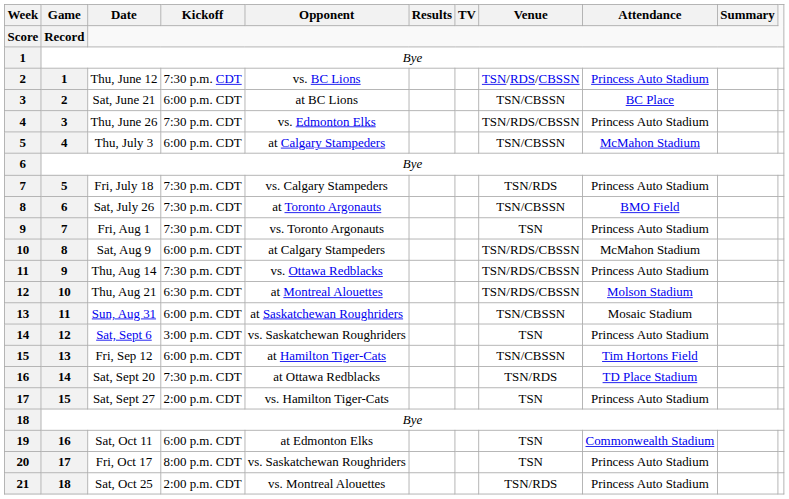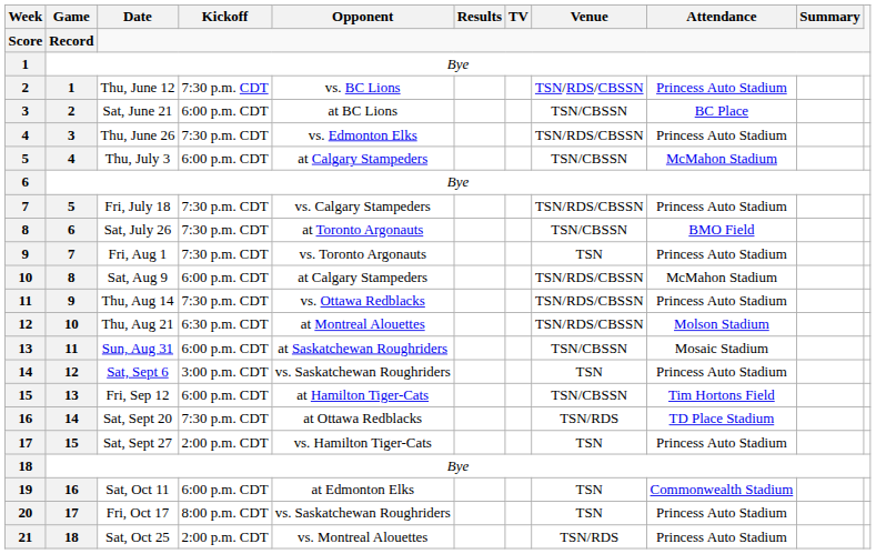 <table class="wikitable" style="font-size: 95%;">
 <tr>
 <th scope="col">Week</th>
 <th scope="col">Game</th>
 <th scope="col">Date</th>
 <th scope="col">Kickoff</th>
 <th scope="col">Opponent</th>
 <th scope="col">Results</th>
 <th scope="col">TV</th>
 <th scope="col">Venue</th>
 <th scope="col">Attendance</th>
 <th scope="col">Summary</th>
 </tr>
 <tr>
 <th scope="col">Score</th>
 <th scope="col">Record</th>
 </tr>
 <tr align="center"= bgcolor="ffffff">
 <th align="center"><strong>1</strong></th>
 <td colspan=10 align="center" valign="middle"><em>Bye</em></td>
 </tr>
 <tr align="center"= bgcolor="ffffff">
 <th align="center"><strong>2</strong></th>
 <th align="center"><strong>1</strong></th>
 <td align="center">Thu, June 12</td>
 <td align="center">7:30 p.m. <a href='#'>CDT</a></td>
 <td align="center">vs. <a href='#'>BC Lions</a></td>
 <td align="center"></td>
 <td align="center"></td>
 <td align="center"><a href='#'>TSN</a>/<a href='#'>RDS</a>/<a href='#'>CBSSN</a></td>
 <td align="center"><a href='#'>Princess Auto Stadium</a></td>
 <td align="center"></td>
 <td align="center"></td>
 </tr>
 <tr align="center"= bgcolor="ffffff">
 <th align="center"><strong>3</strong></th>
 <th align="center"><strong>2</strong></th>
 <td align="center">Sat, June 21</td>
 <td align="center">6:00 p.m. CDT</td>
 <td align="center">at BC Lions</td>
 <td align="center"></td>
 <td align="center"></td>
 <td align="center">TSN/CBSSN</td>
 <td align="center"><a href='#'>BC Place</a></td>
 <td align="center"></td>
 <td align="center"></td>
 </tr>
 <tr align="center"= bgcolor="ffffff">
 <th align="center"><strong>4</strong></th>
 <th align="center"><strong>3</strong></th>
 <td align="center">Thu, June 26</td>
 <td align="center">7:30 p.m. CDT</td>
 <td align="center">vs. <a href='#'>Edmonton Elks</a></td>
 <td align="center"></td>
 <td align="center"></td>
 <td align="center">TSN/RDS/CBSSN</td>
 <td align="center">Princess Auto Stadium</td>
 <td align="center"></td>
 <td align="center"></td>
 </tr>
 <tr align="center"= bgcolor="ffffff">
 <th align="center"><strong>5</strong></th>
 <th align="center"><strong>4</strong></th>
 <td align="center">Thu, July 3</td>
 <td align="center">6:00 p.m. CDT</td>
 <td align="center">at <a href='#'>Calgary Stampeders</a></td>
 <td align="center"></td>
 <td align="center"></td>
 <td align="center">TSN/CBSSN</td>
 <td align="center"><a href='#'>McMahon Stadium</a></td>
 <td align="center"></td>
 <td align="center"></td>
 </tr>
 <tr align="center"= bgcolor="ffffff">
 <th align="center"><strong>6</strong></th>
 <td colspan=10 align="center" valign="middle"><em>Bye</em></td>
 </tr>
 <tr align="center"= bgcolor="ffffff">
 <th align="center"><strong>7</strong></th>
 <th align="center"><strong>5</strong></th>
 <td align="center">Fri, July 18</td>
 <td align="center">7:30 p.m. CDT</td>
 <td align="center">vs. Calgary Stampeders</td>
 <td align="center"></td>
 <td align="center"></td>
-<td align="center">TSN/RDS</td>
+<td align="center">TSN/RDS/CBSSN</td>
 <td align="center">Princess Auto Stadium</td>
 <td align="center"></td>
 <td align="center"></td>
 </tr>
 <tr align="center"= bgcolor="ffffff">
 <th align="center"><strong>8</strong></th>
 <th align="center"><strong>6</strong></th>
 <td align="center">Sat, July 26</td>
 <td align="center">7:30 p.m. CDT</td>
 <td align="center">at <a href='#'>Toronto Argonauts</a></td>
 <td align="center"></td>
 <td align="center"></td>
 <td align="center">TSN/CBSSN</td>
 <td align="center"><a href='#'>BMO Field</a></td>
 <td align="center"></td>
 <td align="center"></td>
 </tr>
 <tr align="center"= bgcolor="ffffff">
 <th align="center"><strong>9</strong></th>
 <th align="center"><strong>7</strong></th>
 <td align="center">Fri, Aug 1</td>
 <td align="center">7:30 p.m. CDT</td>
 <td align="center">vs. Toronto Argonauts</td>
 <td align="center"></td>
 <td align="center"></td>
 <td align="center">TSN</td>
 <td align="center">Princess Auto Stadium</td>
 <td align="center"></td>
 <td align="center"></td>
 </tr>
 <tr align="center"= bgcolor="ffffff">
 <th align="center"><strong>10</strong></th>
 <th align="center"><strong>8</strong></th>
 <td align="center">Sat, Aug 9</td>
 <td align="center">6:00 p.m. CDT</td>
 <td align="center">at Calgary Stampeders</td>
 <td align="center"></td>
 <td align="center"></td>
 <td align="center">TSN/RDS/CBSSN</td>
 <td align="center">McMahon Stadium</td>
 <td align="center"></td>
 <td align="center"></td>
 </tr>
 <tr align="center"= bgcolor="ffffff">
 <th align="center"><strong>11</strong></th>
 <th align="center"><strong>9</strong></th>
 <td align="center">Thu, Aug 14</td>
 <td align="center">7:30 p.m. CDT</td>
 <td align="center">vs. <a href='#'>Ottawa Redblacks</a></td>
 <td align="center"></td>
 <td align="center"></td>
 <td align="center">TSN/RDS/CBSSN</td>
 <td align="center">Princess Auto Stadium</td>
 <td align="center"></td>
 <td align="center"></td>
 </tr>
 <tr align="center"= bgcolor="ffffff">
 <th align="center"><strong>12</strong></th>
 <th align="center"><strong>10</strong></th>
 <td align="center">Thu, Aug 21</td>
 <td align="center">6:30 p.m. CDT</td>
 <td align="center">at <a href='#'>Montreal Alouettes</a></td>
 <td align="center"></td>
 <td align="center"></td>
 <td align="center">TSN/RDS/CBSSN</td>
 <td align="center"><a href='#'>Molson Stadium</a></td>
 <td align="center"></td>
 <td align="center"></td>
 </tr>
 <tr align="center"= bgcolor="ffffff">
 <th align="center"><strong>13</strong></th>
 <th align="center"><strong>11</strong></th>
 <td align="center"><a href='#'>Sun, Aug 31</a></td>
 <td align="center">6:00 p.m. CDT</td>
 <td align="center">at <a href='#'>Saskatchewan Roughriders</a></td>
 <td align="center"></td>
 <td align="center"></td>
 <td align="center">TSN/CBSSN</td>
 <td align="center">Mosaic Stadium</td>
 <td align="center"></td>
 <td align="center"></td>
 </tr>
 <tr align="center"= bgcolor="ffffff">
 <th align="center"><strong>14</strong></th>
 <th align="center"><strong>12</strong></th>
 <td align="center"><a href='#'>Sat, Sept 6</a></td>
 <td align="center">3:00 p.m. CDT</td>
 <td align="center">vs. Saskatchewan Roughriders</td>
 <td align="center"></td>
 <td align="center"></td>
 <td align="center">TSN</td>
 <td align="center">Princess Auto Stadium</td>
 <td align="center"></td>
 <td align="center"></td>
 </tr>
 <tr align="center"= bgcolor="ffffff">
 <th align="center"><strong>15</strong></th>
 <th align="center"><strong>13</strong></th>
 <td align="center">Fri, Sep 12</td>
 <td align="center">6:00 p.m. CDT</td>
 <td align="center">at <a href='#'>Hamilton Tiger-Cats</a></td>
 <td align="center"></td>
 <td align="center"></td>
 <td align="center">TSN/CBSSN</td>
 <td align="center"><a href='#'>Tim Hortons Field</a></td>
 <td align="center"></td>
 <td align="center"></td>
 </tr>
 <tr align="center"= bgcolor="ffffff">
 <th align="center"><strong>16</strong></th>
 <th align="center"><strong>14</strong></th>
 <td align="center">Sat, Sept 20</td>
 <td align="center">7:30 p.m. CDT</td>
 <td align="center">at Ottawa Redblacks</td>
 <td align="center"></td>
 <td align="center"></td>
 <td align="center">TSN/RDS</td>
 <td align="center"><a href='#'>TD Place Stadium</a></td>
 <td align="center"></td>
 <td align="center"></td>
 </tr>
 <tr align="center"= bgcolor="ffffff">
 <th align="center"><strong>17</strong></th>
 <th align="center"><strong>15</strong></th>
 <td align="center">Sat, Sept 27</td>
 <td align="center">2:00 p.m. CDT</td>
 <td align="center">vs. Hamilton Tiger-Cats</td>
 <td align="center"></td>
 <td align="center"></td>
 <td align="center">TSN</td>
 <td align="center">Princess Auto Stadium</td>
 <td align="center"></td>
 <td align="center"></td>
 </tr>
 <tr align="center"= bgcolor="ffffff">
 <th align="center"><strong>18</strong></th>
 <td colspan=10 align="center" valign="middle"><em>Bye</em></td>
 </tr>
 <tr align="center"= bgcolor="ffffff">
 <th align="center"><strong>19</strong></th>
 <th align="center"><strong>16</strong></th>
 <td align="center">Sat, Oct 11</td>
 <td align="center">6:00 p.m. CDT</td>
 <td align="center">at Edmonton Elks</td>
 <td align="center"></td>
 <td align="center"></td>
 <td align="center">TSN</td>
 <td align="center"><a href='#'>Commonwealth Stadium</a></td>
 <td align="center"></td>
 <td align="center"></td>
 </tr>
 <tr align="center"= bgcolor="ffffff">
 <th align="center"><strong>20</strong></th>
 <th align="center"><strong>17</strong></th>
 <td align="center">Fri, Oct 17</td>
 <td align="center">8:00 p.m. CDT</td>
 <td align="center">vs. Saskatchewan Roughriders</td>
 <td align="center"></td>
 <td align="center"></td>
 <td align="center">TSN</td>
 <td align="center">Princess Auto Stadium</td>
 <td align="center"></td>
 <td align="center"></td>
 </tr>
 <tr align="center"= bgcolor="ffffff">
 <th align="center"><strong>21</strong></th>
 <th align="center"><strong>18</strong></th>
 <td align="center">Sat, Oct 25</td>
 <td align="center">2:00 p.m. CDT</td>
 <td align="center">vs. Montreal Alouettes</td>
 <td align="center"></td>
 <td align="center"></td>
 <td align="center">TSN/RDS</td>
 <td align="center">Princess Auto Stadium</td>
 <td align="center"></td>
 <td align="center"></td>
 </tr>
 </table>
